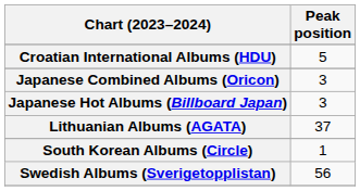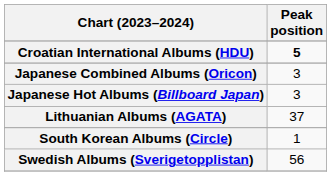 <table class="wikitable sortable plainrowheaders" style="text-align:center">
 <tr>
 <th scope="col">Chart (2023–2024)</th>
 <th scope="col">Peak<br>position</th>
 </tr>
 <tr>
 </tr>
 <tr>
 </tr>
 <tr>
 </tr>
 <tr>
 <th scope="row">Croatian International Albums (<a href='#'>HDU</a>)</th>
-<td>5</td>
+<td><strong>5</strong></td>
 </tr>
 <tr>
 </tr>
 <tr>
 </tr>
 <tr>
 </tr>
 <tr>
 </tr>
 <tr>
 </tr>
 <tr>
 <th scope="row">Japanese Combined Albums (<a href='#'>Oricon</a>)</th>
 <td>3</td>
 </tr>
 <tr>
 <th scope="row">Japanese Hot Albums (<em><a href='#'>Billboard Japan</a></em>)</th>
 <td>3</td>
 </tr>
 <tr>
 <th scope="row">Lithuanian Albums (<a href='#'>AGATA</a>)</th>
 <td>37</td>
 </tr>
 <tr>
 </tr>
 <tr>
 </tr>
 <tr>
 <th scope="row">South Korean Albums (<a href='#'>Circle</a>)</th>
 <td>1</td>
 </tr>
 <tr>
 <th scope="row">Swedish Albums (<a href='#'>Sverigetopplistan</a>)</th>
 <td>56</td>
 </tr>
 <tr>
 </tr>
 <tr>
 </tr>
 <tr>
 </tr>
 <tr>
 </tr>
 </table>
